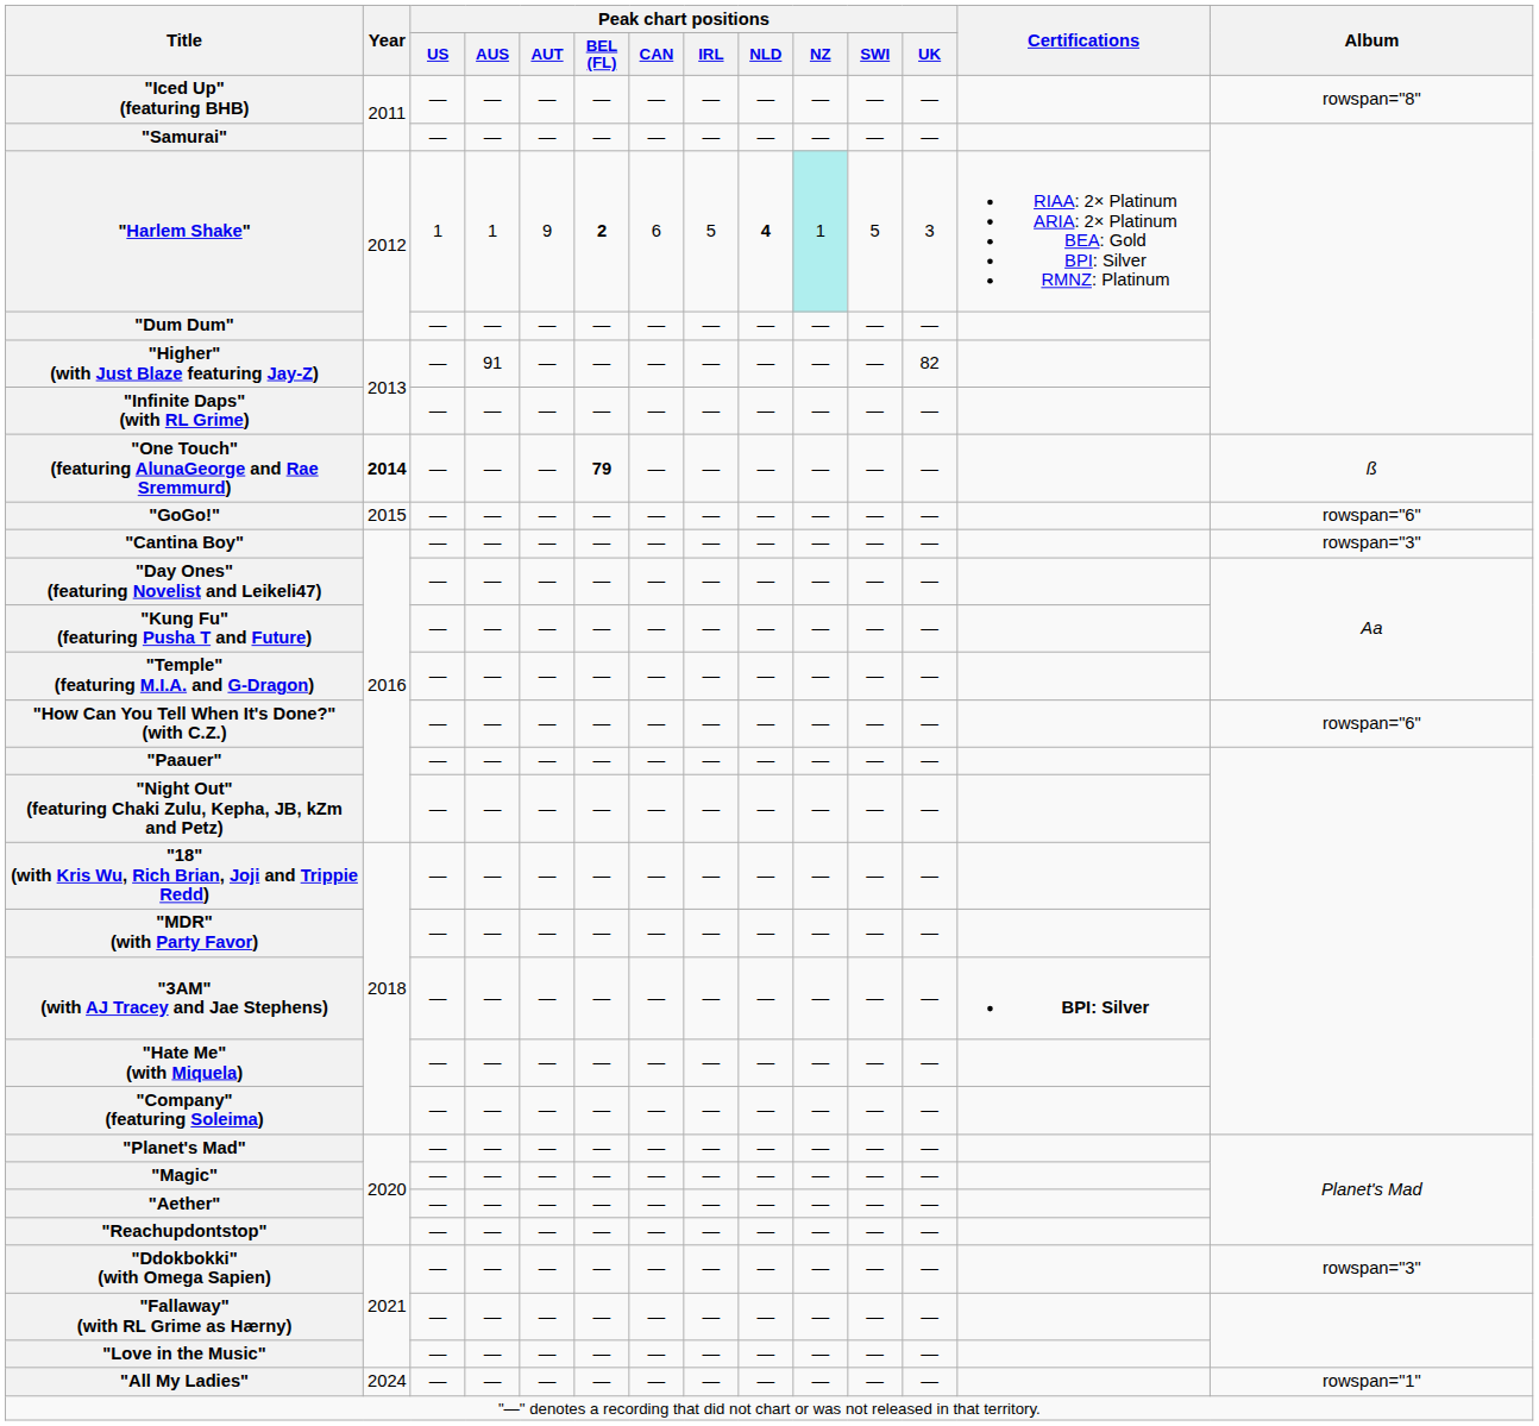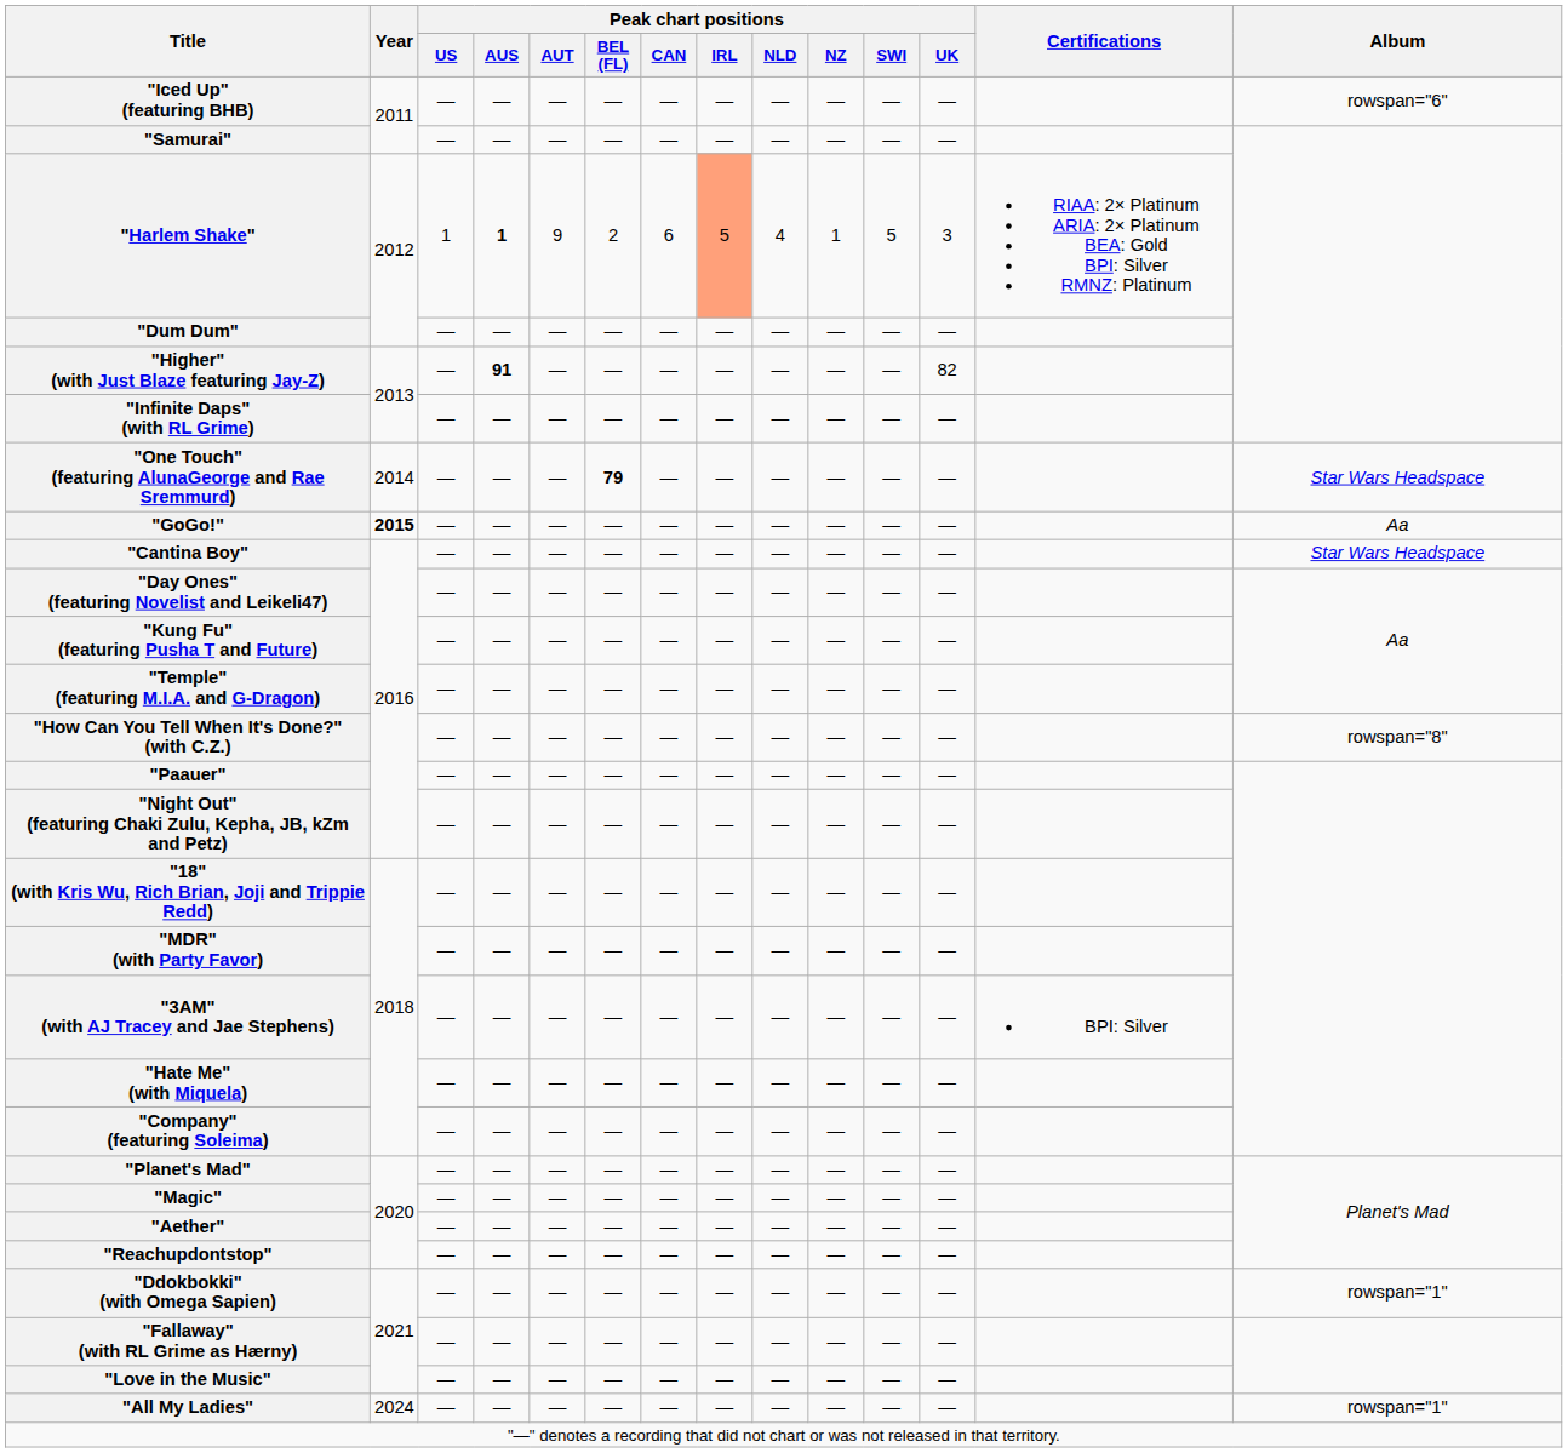 <table class="wikitable plainrowheaders" style="text-align:center;" border="1">
 <tr>
 <th scope="col" rowspan="2" style="width:20em;">Title</th>
 <th scope="col" rowspan="2" style="width:1em;">Year</th>
 <th scope="col" colspan="10">Peak chart positions</th>
 <th scope="col" rowspan="2" style="width:14em;"><a href='#'>Certifications</a></th>
 <th scope="col" rowspan="2" style="width:18em;">Album</th>
 </tr>
 <tr>
 <th scope="col" style="width:3em;font-size:90%;"><a href='#'>US</a><br></th>
 <th scope="col" style="width:3em;font-size:90%;"><a href='#'>AUS</a><br></th>
 <th scope="col" style="width:3em;font-size:90%;"><a href='#'>AUT</a><br></th>
 <th scope="col" style="width:3em;font-size:90%;"><a href='#'>BEL<br>(FL)</a><br></th>
 <th scope="col" style="width:3em;font-size:90%;"><a href='#'>CAN</a><br></th>
 <th scope="col" style="width:3em;font-size:90%;"><a href='#'>IRL</a><br></th>
 <th scope="col" style="width:3em;font-size:90%;"><a href='#'>NLD</a><br></th>
 <th scope="col" style="width:3em;font-size:90%;"><a href='#'>NZ</a><br></th>
 <th scope="col" style="width:3em;font-size:90%;"><a href='#'>SWI</a><br></th>
 <th scope="col" style="width:3em;font-size:90%;"><a href='#'>UK</a><br></th>
 </tr>
 <tr>
 <th scope="row">"Iced Up" <br><span>(featuring BHB)</span></th>
 <td rowspan="2">2011</td>
 <td>—</td>
 <td>—</td>
 <td>—</td>
 <td>—</td>
 <td>—</td>
 <td>—</td>
 <td>—</td>
 <td>—</td>
 <td>—</td>
 <td>—</td>
 <td></td>
-<td>rowspan="8" </td>
+<td>rowspan="6" </td>
 </tr>
 <tr>
 <th scope="row">"Samurai"</th>
 <td>—</td>
 <td>—</td>
 <td>—</td>
 <td>—</td>
 <td>—</td>
 <td>—</td>
 <td>—</td>
 <td>—</td>
 <td>—</td>
 <td>—</td>
 <td></td>
 </tr>
 <tr>
 <th scope="row">"<a href='#'>Harlem Shake</a>"</th>
 <td rowspan="2">2012</td>
 <td>1</td>
+<td><strong>1</strong></td>
+<td>9</td>
+<td>2</td>
+<td>6</td>
+<td style="background: lightsalmon;">5</td>
+<td>4</td>
 <td>1</td>
-<td>9</td>
-<td><strong>2</strong></td>
-<td>6</td>
-<td>5</td>
-<td><strong>4</strong></td>
-<td style="background: paleturquoise;">1</td>
 <td>5</td>
 <td>3</td>
 <td><br><ul><li><a href='#'>RIAA</a>: 2× Platinum</li><li><a href='#'>ARIA</a>: 2× Platinum</li><li><a href='#'>BEA</a>: Gold</li><li><a href='#'>BPI</a>: Silver</li><li><a href='#'>RMNZ</a>: Platinum</li></ul></td>
 </tr>
 <tr>
 <th scope="row">"Dum Dum"</th>
 <td>—</td>
 <td>—</td>
 <td>—</td>
 <td>—</td>
 <td>—</td>
 <td>—</td>
 <td>—</td>
 <td>—</td>
 <td>—</td>
 <td>—</td>
 <td></td>
 </tr>
 <tr>
 <th scope="row">"Higher" <br><span>(with <a href='#'>Just Blaze</a> featuring <a href='#'>Jay-Z</a>)</span></th>
 <td rowspan="2">2013</td>
 <td>—</td>
-<td>91</td>
+<td><strong>91</strong></td>
 <td>—</td>
 <td>—</td>
 <td>—</td>
 <td>—</td>
 <td>—</td>
 <td>—</td>
 <td>—</td>
 <td>82</td>
 <td></td>
 </tr>
 <tr>
 <th scope="row">"Infinite Daps" <br><span>(with <a href='#'>RL Grime</a>)</span></th>
 <td>—</td>
 <td>—</td>
 <td>—</td>
 <td>—</td>
 <td>—</td>
 <td>—</td>
 <td>—</td>
 <td>—</td>
 <td>—</td>
 <td>—</td>
 <td></td>
 </tr>
 <tr>
 <th scope="row">"One Touch" <br><span>(featuring <a href='#'>AlunaGeorge</a> and <a href='#'>Rae Sremmurd</a>)</span></th>
-<td><strong>2014</strong></td>
+<td>2014</td>
 <td>—</td>
 <td>—</td>
 <td>—</td>
 <td><strong>79</strong></td>
 <td>—</td>
 <td>—</td>
 <td>—</td>
 <td>—</td>
 <td>—</td>
 <td>—</td>
 <td></td>
-<td><em>ß</em></td>
+<td><em><a href='#'>Star Wars Headspace</a></em></td>
 </tr>
 <tr>
 <th scope="row">"GoGo!"</th>
-<td>2015</td>
+<td><strong>2015</strong></td>
 <td>—</td>
 <td>—</td>
 <td>—</td>
 <td>—</td>
 <td>—</td>
 <td>—</td>
 <td>—</td>
 <td>—</td>
 <td>—</td>
 <td>—</td>
 <td></td>
-<td>rowspan="6" </td>
+<td><em>Aa</em></td>
 </tr>
 <tr>
 <th scope="row">"Cantina Boy"</th>
 <td rowspan="7">2016</td>
 <td>—</td>
 <td>—</td>
 <td>—</td>
 <td>—</td>
 <td>—</td>
 <td>—</td>
 <td>—</td>
 <td>—</td>
 <td>—</td>
 <td>—</td>
 <td></td>
-<td>rowspan="3" </td>
+<td><em><a href='#'>Star Wars Headspace</a></em></td>
 </tr>
 <tr>
 <th scope="row">"Day Ones" <br><span>(featuring <a href='#'>Novelist</a> and Leikeli47)</span></th>
 <td>—</td>
 <td>—</td>
 <td>—</td>
 <td>—</td>
 <td>—</td>
 <td>—</td>
 <td>—</td>
 <td>—</td>
 <td>—</td>
 <td>—</td>
 <td></td>
 <td rowspan="3"><em>Aa</em></td>
 </tr>
 <tr>
 <th scope="row">"Kung Fu" <br><span>(featuring <a href='#'>Pusha T</a> and <a href='#'>Future</a>)</span></th>
 <td>—</td>
 <td>—</td>
 <td>—</td>
 <td>—</td>
 <td>—</td>
 <td>—</td>
 <td>—</td>
 <td>—</td>
 <td>—</td>
 <td>—</td>
 <td></td>
 </tr>
 <tr>
 <th scope="row">"Temple" <br><span>(featuring <a href='#'>M.I.A.</a> and <a href='#'>G-Dragon</a>)</span></th>
 <td>—</td>
 <td>—</td>
 <td>—</td>
 <td>—</td>
 <td>—</td>
 <td>—</td>
 <td>—</td>
 <td>—</td>
 <td>—</td>
 <td>—</td>
 <td></td>
 </tr>
 <tr>
 <th scope="row">"How Can You Tell When It's Done?" <br><span>(with C.Z.)</span></th>
 <td>—</td>
 <td>—</td>
 <td>—</td>
 <td>—</td>
 <td>—</td>
 <td>—</td>
 <td>—</td>
 <td>—</td>
 <td>—</td>
 <td>—</td>
 <td></td>
-<td>rowspan="6" </td>
+<td>rowspan="8" </td>
 </tr>
 <tr>
 <th scope="row">"Paauer"</th>
 <td>—</td>
 <td>—</td>
 <td>—</td>
 <td>—</td>
 <td>—</td>
 <td>—</td>
 <td>—</td>
 <td>—</td>
 <td>—</td>
 <td>—</td>
 <td></td>
 </tr>
 <tr>
 <th scope="row">"Night Out" <br><span>(featuring Chaki Zulu, Kepha, JB, kZm and Petz)</span></th>
 <td>—</td>
 <td>—</td>
 <td>—</td>
 <td>—</td>
 <td>—</td>
 <td>—</td>
 <td>—</td>
 <td>—</td>
 <td>—</td>
 <td>—</td>
 <td></td>
 </tr>
 <tr>
 <th scope="row">"18" <br><span>(with <a href='#'>Kris Wu</a>, <a href='#'>Rich Brian</a>, <a href='#'>Joji</a> and <a href='#'>Trippie Redd</a>)</span></th>
 <td rowspan="5">2018</td>
 <td>—</td>
 <td>—</td>
 <td>—</td>
 <td>—</td>
 <td>—</td>
 <td>—</td>
 <td>—</td>
 <td>—</td>
 <td>—</td>
 <td>—</td>
 <td></td>
 </tr>
 <tr>
 <th scope="row">"MDR" <br><span>(with <a href='#'>Party Favor</a>)</span></th>
 <td>—</td>
 <td>—</td>
 <td>—</td>
 <td>—</td>
 <td>—</td>
 <td>—</td>
 <td>—</td>
 <td>—</td>
 <td>—</td>
 <td>—</td>
 <td></td>
 </tr>
 <tr>
 <th scope="row">"3AM" <br><span>(with <a href='#'>AJ Tracey</a> and Jae Stephens)</span></th>
 <td>—</td>
 <td>—</td>
 <td>—</td>
 <td>—</td>
 <td>—</td>
 <td>—</td>
 <td>—</td>
 <td>—</td>
 <td>—</td>
 <td>—</td>
-<td><strong><br><ul><li>BPI: Silver</li></ul></strong></td>
+<td><br><ul><li>BPI: Silver</li></ul></td>
 </tr>
 <tr>
 <th scope="row">"Hate Me" <br><span>(with <a href='#'>Miquela</a>)</span></th>
 <td>—</td>
 <td>—</td>
 <td>—</td>
 <td>—</td>
 <td>—</td>
 <td>—</td>
 <td>—</td>
 <td>—</td>
 <td>—</td>
 <td>—</td>
 <td></td>
 </tr>
 <tr>
 <th scope="row">"Company" <br><span>(featuring <a href='#'>Soleima</a>)</span></th>
 <td>—</td>
 <td>—</td>
 <td>—</td>
 <td>—</td>
 <td>—</td>
 <td>—</td>
 <td>—</td>
 <td>—</td>
 <td>—</td>
 <td>—</td>
 <td></td>
 </tr>
 <tr>
 <th scope="row">"Planet's Mad"</th>
 <td rowspan="4">2020</td>
 <td>—</td>
 <td>—</td>
 <td>—</td>
 <td>—</td>
 <td>—</td>
 <td>—</td>
 <td>—</td>
 <td>—</td>
 <td>—</td>
 <td>—</td>
 <td></td>
 <td rowspan="4"><em>Planet's Mad</em></td>
 </tr>
 <tr>
 <th scope="row">"Magic"</th>
 <td>—</td>
 <td>—</td>
 <td>—</td>
 <td>—</td>
 <td>—</td>
 <td>—</td>
 <td>—</td>
 <td>—</td>
 <td>—</td>
 <td>—</td>
 <td></td>
 </tr>
 <tr>
 <th scope="row">"Aether"</th>
 <td>—</td>
 <td>—</td>
 <td>—</td>
 <td>—</td>
 <td>—</td>
 <td>—</td>
 <td>—</td>
 <td>—</td>
 <td>—</td>
 <td>—</td>
 <td></td>
 </tr>
 <tr>
 <th scope="row">"Reachupdontstop"</th>
 <td>—</td>
 <td>—</td>
 <td>—</td>
 <td>—</td>
 <td>—</td>
 <td>—</td>
 <td>—</td>
 <td>—</td>
 <td>—</td>
 <td>—</td>
 <td></td>
 </tr>
 <tr>
 <th scope="row">"Ddokbokki" <br><span>(with Omega Sapien)</span></th>
 <td rowspan="3">2021</td>
 <td>—</td>
 <td>—</td>
 <td>—</td>
 <td>—</td>
 <td>—</td>
 <td>—</td>
 <td>—</td>
 <td>—</td>
 <td>—</td>
 <td>—</td>
 <td></td>
-<td>rowspan="3" </td>
+<td>rowspan="1" </td>
 </tr>
 <tr>
 <th scope="row">"Fallaway" <br><span>(with RL Grime as Hærny)</span></th>
 <td>—</td>
 <td>—</td>
 <td>—</td>
 <td>—</td>
 <td>—</td>
 <td>—</td>
 <td>—</td>
 <td>—</td>
 <td>—</td>
 <td>—</td>
 <td></td>
 </tr>
 <tr>
 <th scope="row">"Love in the Music"</th>
 <td>—</td>
 <td>—</td>
 <td>—</td>
 <td>—</td>
 <td>—</td>
 <td>—</td>
 <td>—</td>
 <td>—</td>
 <td>—</td>
 <td>—</td>
 <td></td>
 </tr>
 <tr>
 <th scope="row">"All My Ladies"</th>
 <td rowspan="1">2024</td>
 <td>—</td>
 <td>—</td>
 <td>—</td>
 <td>—</td>
 <td>—</td>
 <td>—</td>
 <td>—</td>
 <td>—</td>
 <td>—</td>
 <td>—</td>
 <td></td>
 <td>rowspan="1" </td>
 </tr>
 <tr>
 <td colspan="14" style="font-size:90%">"—" denotes a recording that did not chart or was not released in that territory.</td>
 </tr>
 </table>
